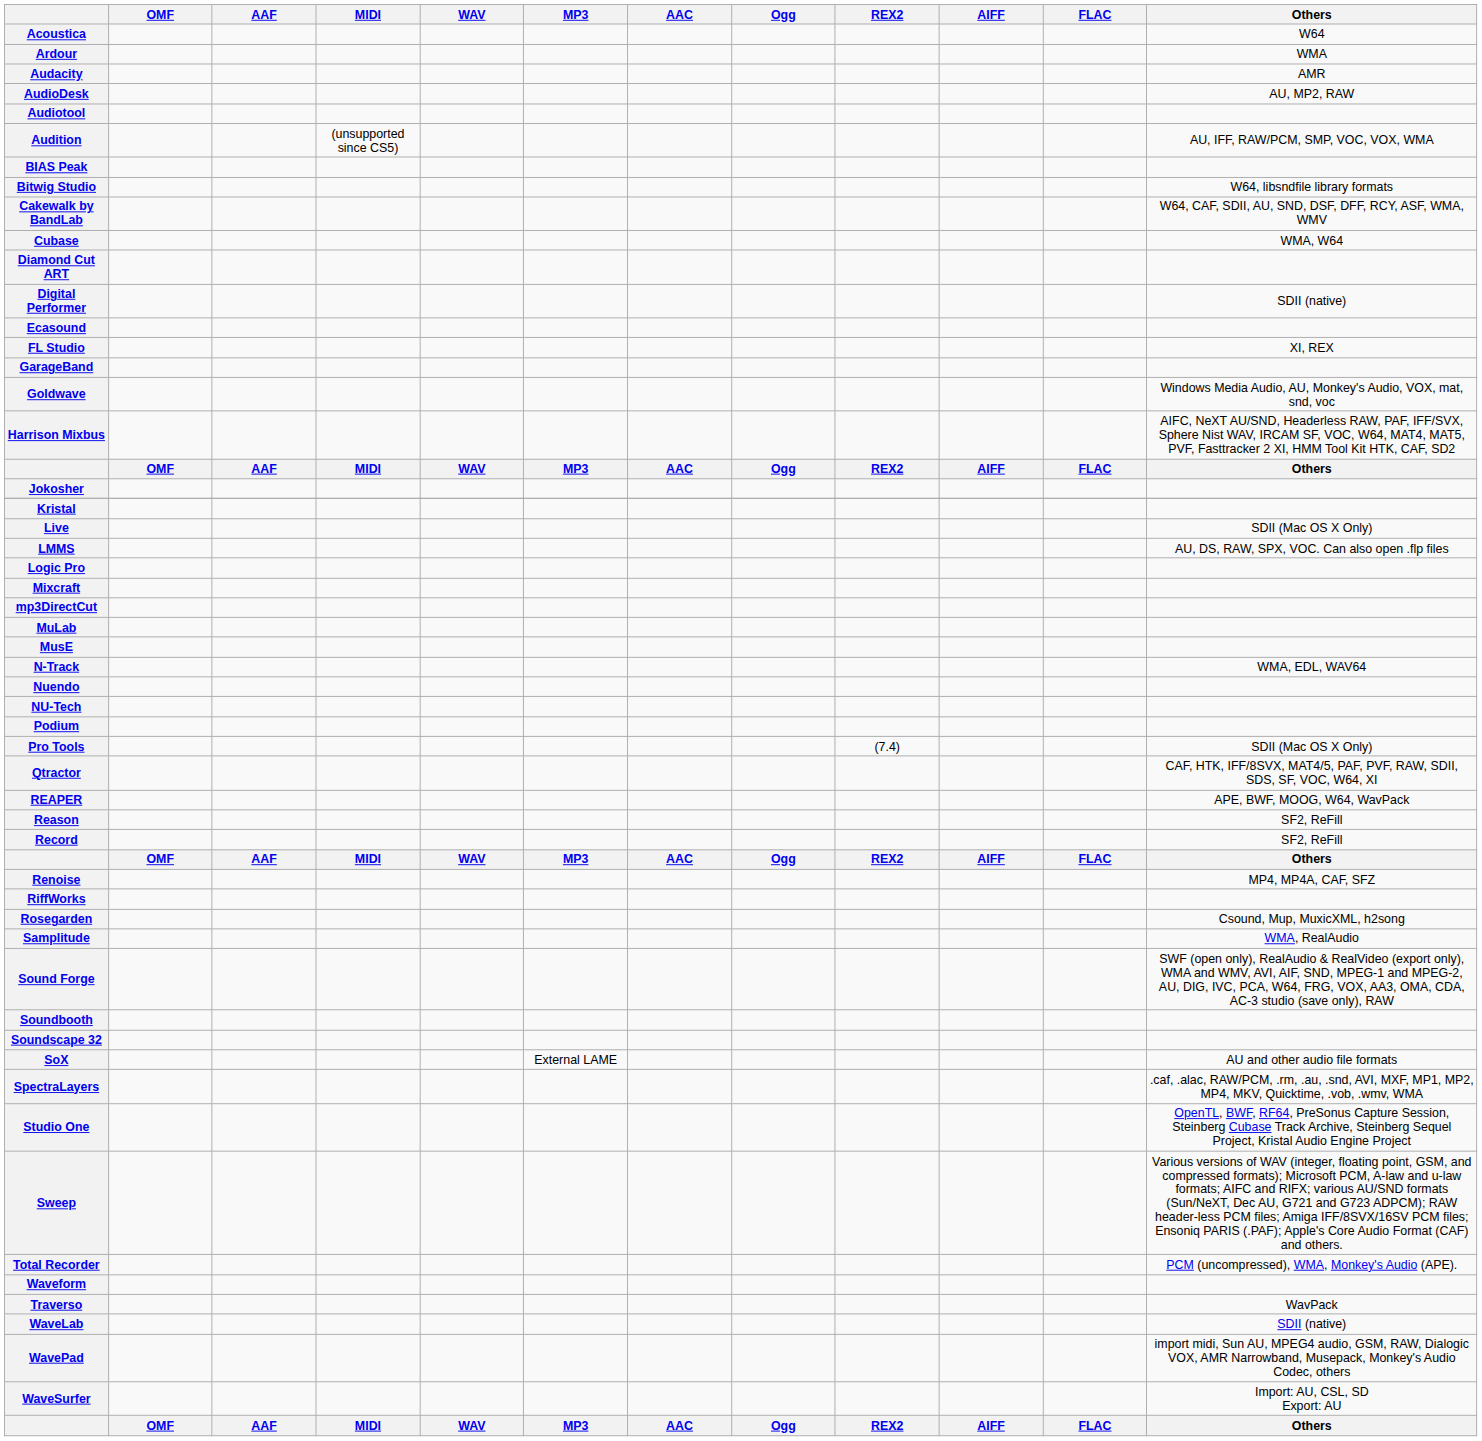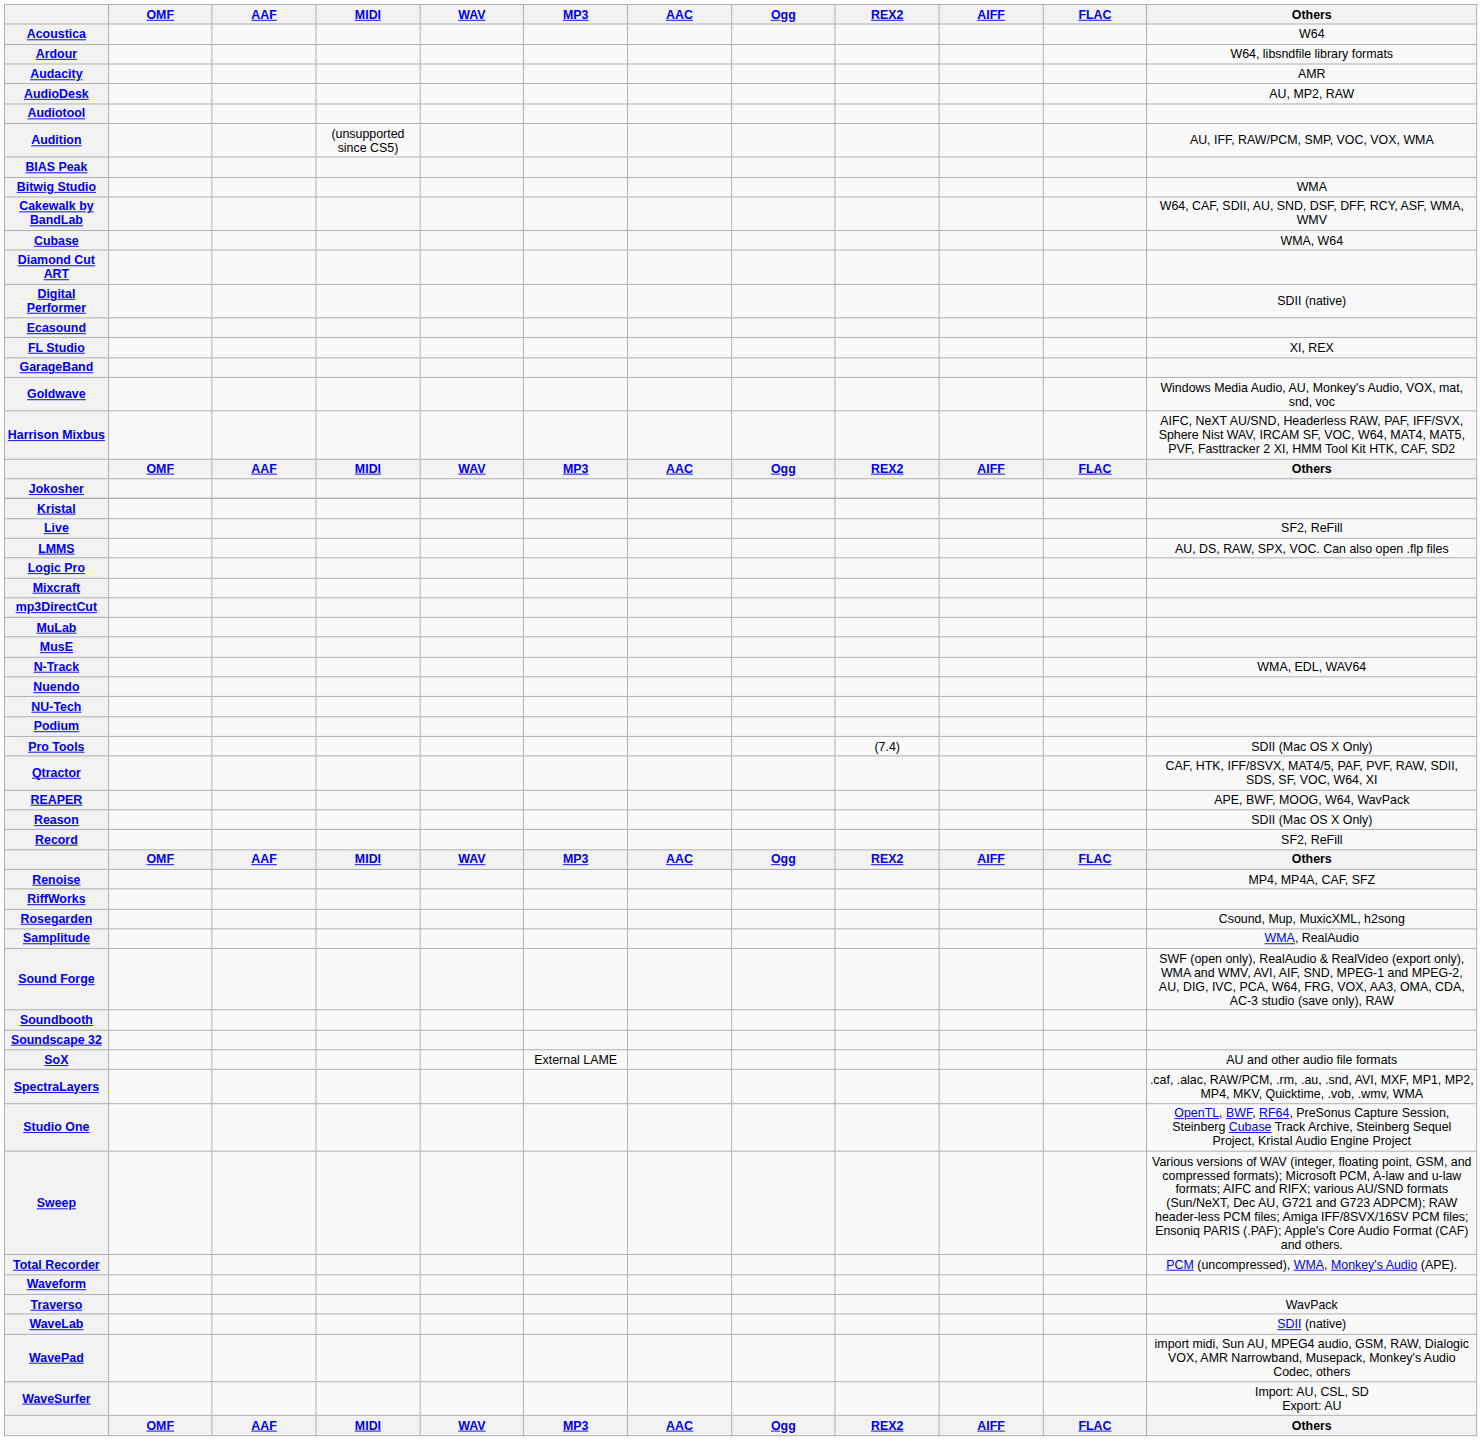 <table class="wikitable sortable" style="width: 100%; text-align: center; font-size: smaller; table-layout: fixed;">
 <tr>
 <th></th>
 <th><a href='#'>OMF</a></th>
 <th><a href='#'>AAF</a></th>
 <th><a href='#'>MIDI</a></th>
 <th><a href='#'>WAV</a></th>
 <th><a href='#'>MP3</a></th>
 <th><a href='#'>AAC</a></th>
 <th><a href='#'>Ogg</a></th>
 <th><a href='#'>REX2</a></th>
 <th><a href='#'>AIFF</a></th>
 <th><a href='#'>FLAC</a></th>
 <th width=22%>Others</th>
 </tr>
 <tr>
 <th><a href='#'>Acoustica</a></th>
 <td></td>
 <td></td>
 <td></td>
 <td></td>
 <td></td>
 <td></td>
 <td></td>
 <td></td>
 <td></td>
 <td></td>
 <td>W64</td>
 </tr>
 <tr>
 <th><a href='#'>Ardour</a></th>
 <td></td>
 <td></td>
 <td></td>
 <td></td>
 <td></td>
 <td></td>
 <td></td>
 <td></td>
 <td></td>
 <td></td>
-<td>WMA</td>
+<td>W64, libsndfile library formats</td>
 </tr>
 <tr>
 <th><a href='#'>Audacity</a></th>
 <td></td>
 <td></td>
 <td></td>
 <td></td>
 <td></td>
 <td></td>
 <td></td>
 <td></td>
 <td></td>
 <td></td>
 <td>AMR</td>
 </tr>
 <tr>
 <th><a href='#'>AudioDesk</a></th>
 <td></td>
 <td></td>
 <td></td>
 <td></td>
 <td></td>
 <td></td>
 <td></td>
 <td></td>
 <td></td>
 <td></td>
 <td>AU, MP2, RAW</td>
 </tr>
 <tr>
 <th><a href='#'>Audiotool</a></th>
 <td></td>
 <td></td>
 <td></td>
 <td></td>
 <td></td>
 <td></td>
 <td></td>
 <td></td>
 <td></td>
 <td></td>
 <td></td>
 </tr>
 <tr>
 <th><a href='#'>Audition</a></th>
 <td></td>
 <td></td>
 <td> (unsupported since CS5)</td>
 <td></td>
 <td></td>
 <td></td>
 <td></td>
 <td></td>
 <td></td>
 <td></td>
 <td>AU, IFF, RAW/PCM, SMP, VOC, VOX, WMA</td>
 </tr>
 <tr>
 <th><a href='#'>BIAS Peak</a></th>
 <td></td>
 <td></td>
 <td></td>
 <td></td>
 <td></td>
 <td></td>
 <td></td>
 <td></td>
 <td></td>
 <td></td>
 <td></td>
 </tr>
 <tr>
 <th><a href='#'>Bitwig Studio</a></th>
 <td></td>
 <td></td>
 <td></td>
 <td></td>
 <td></td>
 <td></td>
 <td></td>
 <td></td>
 <td></td>
 <td></td>
-<td>W64, libsndfile library formats</td>
+<td>WMA</td>
 </tr>
 <tr>
 <th><a href='#'>Cakewalk by BandLab</a></th>
 <td></td>
 <td></td>
 <td></td>
 <td></td>
 <td></td>
 <td></td>
 <td></td>
 <td></td>
 <td></td>
 <td></td>
 <td>W64, CAF, SDII, AU, SND, DSF, DFF, RCY, ASF, WMA, WMV</td>
 </tr>
 <tr>
 <th><a href='#'>Cubase</a></th>
 <td></td>
 <td></td>
 <td></td>
 <td></td>
 <td></td>
 <td></td>
 <td></td>
 <td></td>
 <td></td>
 <td></td>
 <td>WMA, W64</td>
 </tr>
 <tr>
 <th><a href='#'>Diamond Cut ART</a></th>
 <td></td>
 <td></td>
 <td></td>
 <td></td>
 <td></td>
 <td></td>
 <td></td>
 <td></td>
 <td></td>
 <td></td>
 <td></td>
 </tr>
 <tr>
 <th><a href='#'>Digital Performer</a></th>
 <td></td>
 <td></td>
 <td></td>
 <td></td>
 <td></td>
 <td></td>
 <td></td>
 <td></td>
 <td></td>
 <td></td>
 <td>SDII (native)</td>
 </tr>
 <tr>
 <th><a href='#'>Ecasound</a></th>
 <td></td>
 <td></td>
 <td></td>
 <td></td>
 <td></td>
 <td></td>
 <td></td>
 <td></td>
 <td></td>
 <td></td>
 <td></td>
 </tr>
 <tr>
 <th><a href='#'>FL Studio</a></th>
 <td></td>
 <td></td>
 <td></td>
 <td></td>
 <td></td>
 <td></td>
 <td></td>
 <td></td>
 <td></td>
 <td></td>
 <td>XI, REX</td>
 </tr>
 <tr>
 <th><a href='#'>GarageBand</a></th>
 <td></td>
 <td></td>
 <td></td>
 <td></td>
 <td></td>
 <td></td>
 <td></td>
 <td></td>
 <td></td>
 <td></td>
 <td></td>
 </tr>
 <tr>
 <th><a href='#'>Goldwave</a></th>
 <td></td>
 <td></td>
 <td></td>
 <td></td>
 <td></td>
 <td></td>
 <td></td>
 <td></td>
 <td></td>
 <td></td>
 <td>Windows Media Audio, AU, Monkey's Audio, VOX, mat, snd, voc</td>
 </tr>
 <tr>
 <th><a href='#'>Harrison Mixbus</a></th>
 <td></td>
 <td></td>
 <td></td>
 <td></td>
 <td></td>
 <td></td>
 <td></td>
 <td></td>
 <td></td>
 <td></td>
 <td>AIFC, NeXT AU/SND, Headerless RAW, PAF, IFF/SVX, Sphere Nist WAV, IRCAM SF, VOC, W64, MAT4, MAT5, PVF, Fasttracker 2 XI, HMM Tool Kit HTK, CAF, SD2</td>
 </tr>
 <tr>
 <th></th>
 <th><a href='#'>OMF</a></th>
 <th><a href='#'>AAF</a></th>
 <th><a href='#'>MIDI</a></th>
 <th><a href='#'>WAV</a></th>
 <th><a href='#'>MP3</a></th>
 <th><a href='#'>AAC</a></th>
 <th><a href='#'>Ogg</a></th>
 <th><a href='#'>REX2</a></th>
 <th><a href='#'>AIFF</a></th>
 <th><a href='#'>FLAC</a></th>
 <th width=22%>Others</th>
 </tr>
 <tr>
 <th><a href='#'>Jokosher</a></th>
 <td></td>
 <td></td>
 <td></td>
 <td></td>
 <td></td>
 <td></td>
 <td></td>
 <td></td>
 <td></td>
 <td></td>
 <td></td>
 </tr>
 <tr>
 </tr>
 <tr>
 <th><a href='#'>Kristal</a></th>
 <td></td>
 <td></td>
 <td></td>
 <td></td>
 <td></td>
 <td></td>
 <td></td>
 <td></td>
 <td></td>
 <td></td>
 <td></td>
 </tr>
 <tr>
 <th><a href='#'>Live</a></th>
 <td></td>
 <td></td>
 <td></td>
 <td></td>
 <td></td>
 <td></td>
 <td></td>
 <td></td>
 <td></td>
 <td></td>
-<td>SDII (Mac OS X Only)</td>
+<td>SF2, ReFill</td>
 </tr>
 <tr>
 <th><a href='#'>LMMS</a></th>
 <td></td>
 <td></td>
 <td></td>
 <td></td>
 <td></td>
 <td></td>
 <td></td>
 <td></td>
 <td></td>
 <td></td>
 <td>AU, DS, RAW, SPX, VOC. Can also open .flp files</td>
 </tr>
 <tr>
 <th><a href='#'>Logic Pro</a></th>
 <td></td>
 <td></td>
 <td></td>
 <td></td>
 <td></td>
 <td></td>
 <td></td>
 <td></td>
 <td></td>
 <td></td>
 <td></td>
 </tr>
 <tr>
 <th><a href='#'>Mixcraft</a></th>
 <td></td>
 <td></td>
 <td></td>
 <td></td>
 <td></td>
 <td></td>
 <td></td>
 <td></td>
 <td></td>
 <td></td>
 <td></td>
 </tr>
 <tr>
 <th><a href='#'>mp3DirectCut</a></th>
 <td></td>
 <td></td>
 <td></td>
 <td></td>
 <td></td>
 <td></td>
 <td></td>
 <td></td>
 <td></td>
 <td></td>
 <td></td>
 </tr>
 <tr>
 <th><a href='#'>MuLab</a></th>
 <td></td>
 <td></td>
 <td></td>
 <td></td>
 <td></td>
 <td></td>
 <td></td>
 <td></td>
 <td></td>
 <td></td>
 <td></td>
 </tr>
 <tr>
 <th><a href='#'>MusE</a></th>
 <td></td>
 <td></td>
 <td></td>
 <td></td>
 <td></td>
 <td></td>
 <td></td>
 <td></td>
 <td></td>
 <td></td>
 <td></td>
 </tr>
 <tr>
 <th><a href='#'>N-Track</a></th>
 <td></td>
 <td></td>
 <td></td>
 <td></td>
 <td></td>
 <td></td>
 <td></td>
 <td></td>
 <td></td>
 <td></td>
 <td>WMA, EDL, WAV64</td>
 </tr>
 <tr>
 <th><a href='#'>Nuendo</a></th>
 <td></td>
 <td></td>
 <td></td>
 <td></td>
 <td></td>
 <td></td>
 <td></td>
 <td></td>
 <td></td>
 <td></td>
 <td></td>
 </tr>
 <tr>
 <th><a href='#'>NU-Tech</a></th>
 <td></td>
 <td></td>
 <td></td>
 <td></td>
 <td></td>
 <td></td>
 <td></td>
 <td></td>
 <td></td>
 <td></td>
 <td></td>
 </tr>
 <tr>
 <th><a href='#'>Podium</a></th>
 <td></td>
 <td></td>
 <td></td>
 <td></td>
 <td></td>
 <td></td>
 <td></td>
 <td></td>
 <td></td>
 <td></td>
 <td></td>
 </tr>
 <tr>
 <th><a href='#'>Pro Tools</a></th>
 <td></td>
 <td></td>
 <td></td>
 <td></td>
 <td></td>
 <td></td>
 <td></td>
 <td> (7.4)</td>
 <td></td>
 <td></td>
 <td>SDII (Mac OS X Only)</td>
 </tr>
 <tr>
 <th><a href='#'>Qtractor</a></th>
 <td></td>
 <td></td>
 <td></td>
 <td></td>
 <td></td>
 <td></td>
 <td></td>
 <td></td>
 <td></td>
 <td></td>
 <td>CAF, HTK, IFF/8SVX, MAT4/5, PAF, PVF, RAW, SDII, SDS, SF, VOC, W64, XI</td>
 </tr>
 <tr>
 <th><a href='#'>REAPER</a></th>
 <td></td>
 <td></td>
 <td></td>
 <td></td>
 <td></td>
 <td></td>
 <td></td>
 <td></td>
 <td></td>
 <td></td>
 <td>APE, BWF, MOOG, W64, WavPack</td>
 </tr>
 <tr>
 <th><a href='#'>Reason</a></th>
 <td></td>
 <td></td>
 <td></td>
 <td></td>
 <td></td>
 <td></td>
 <td></td>
 <td></td>
 <td></td>
 <td></td>
-<td>SF2, ReFill</td>
+<td>SDII (Mac OS X Only)</td>
 </tr>
 <tr>
 <th><a href='#'>Record</a></th>
 <td></td>
 <td></td>
 <td></td>
 <td></td>
 <td></td>
 <td></td>
 <td></td>
 <td></td>
 <td></td>
 <td></td>
 <td>SF2, ReFill</td>
 </tr>
 <tr>
 <th></th>
 <th><a href='#'>OMF</a></th>
 <th><a href='#'>AAF</a></th>
 <th><a href='#'>MIDI</a></th>
 <th><a href='#'>WAV</a></th>
 <th><a href='#'>MP3</a></th>
 <th><a href='#'>AAC</a></th>
 <th><a href='#'>Ogg</a></th>
 <th><a href='#'>REX2</a></th>
 <th><a href='#'>AIFF</a></th>
 <th><a href='#'>FLAC</a></th>
 <th width=22%>Others</th>
 </tr>
 <tr>
 <th><a href='#'>Renoise</a></th>
 <td></td>
 <td></td>
 <td></td>
 <td></td>
 <td></td>
 <td></td>
 <td></td>
 <td></td>
 <td></td>
 <td></td>
 <td>MP4, MP4A, CAF, SFZ</td>
 </tr>
 <tr>
 <th><a href='#'>RiffWorks</a></th>
 <td></td>
 <td></td>
 <td></td>
 <td></td>
 <td></td>
 <td></td>
 <td></td>
 <td></td>
 <td></td>
 <td></td>
 <td></td>
 </tr>
 <tr>
 <th><a href='#'>Rosegarden</a></th>
 <td></td>
 <td></td>
 <td></td>
 <td></td>
 <td></td>
 <td></td>
 <td></td>
 <td></td>
 <td></td>
 <td></td>
 <td>Csound, Mup, MuxicXML, h2song</td>
 </tr>
 <tr>
 <th><a href='#'>Samplitude</a></th>
 <td></td>
 <td></td>
 <td></td>
 <td></td>
 <td></td>
 <td></td>
 <td></td>
 <td></td>
 <td></td>
 <td></td>
 <td><a href='#'>WMA</a>, RealAudio</td>
 </tr>
 <tr>
 <th><a href='#'>Sound Forge</a></th>
 <td></td>
 <td></td>
 <td></td>
 <td></td>
 <td></td>
 <td></td>
 <td></td>
 <td></td>
 <td></td>
 <td></td>
 <td>SWF (open only), RealAudio & RealVideo (export only), WMA and WMV, AVI, AIF, SND, MPEG-1 and MPEG-2, AU, DIG, IVC, PCA, W64, FRG, VOX, AA3, OMA, CDA, AC-3 studio (save only), RAW</td>
 </tr>
 <tr>
 <th><a href='#'>Soundbooth</a></th>
 <td></td>
 <td></td>
 <td></td>
 <td></td>
 <td></td>
 <td></td>
 <td></td>
 <td></td>
 <td></td>
 <td></td>
 <td></td>
 </tr>
 <tr>
 <th><a href='#'>Soundscape 32</a></th>
 <td></td>
 <td></td>
 <td></td>
 <td></td>
 <td></td>
 <td></td>
 <td></td>
 <td></td>
 <td></td>
 <td></td>
 <td></td>
 </tr>
 <tr>
 <th><a href='#'>SoX</a></th>
 <td></td>
 <td></td>
 <td></td>
 <td></td>
 <td>External LAME</td>
 <td></td>
 <td></td>
 <td></td>
 <td></td>
 <td></td>
 <td>AU and other audio file formats</td>
 </tr>
 <tr>
 <th><a href='#'>SpectraLayers</a></th>
 <td></td>
 <td></td>
 <td></td>
 <td></td>
 <td></td>
 <td></td>
 <td></td>
 <td></td>
 <td></td>
 <td></td>
 <td>.caf, .alac, RAW/PCM, .rm, .au, .snd, AVI, MXF, MP1, MP2, MP4, MKV, Quicktime, .vob, .wmv, WMA</td>
 </tr>
 <tr>
 <th><a href='#'>Studio One</a></th>
 <td></td>
 <td></td>
 <td></td>
 <td></td>
 <td></td>
 <td></td>
 <td></td>
 <td></td>
 <td></td>
 <td></td>
 <td><a href='#'>OpenTL</a>, <a href='#'>BWF</a>, <a href='#'>RF64</a>, PreSonus Capture Session, Steinberg <a href='#'>Cubase</a> Track Archive, Steinberg Sequel Project, Kristal Audio Engine Project</td>
 </tr>
 <tr>
 <th><a href='#'>Sweep</a></th>
 <td></td>
 <td></td>
 <td></td>
 <td></td>
 <td></td>
 <td></td>
 <td></td>
 <td></td>
 <td></td>
 <td></td>
 <td>Various versions of WAV (integer, floating point, GSM, and compressed formats); Microsoft PCM, A-law and u-law formats; AIFC and RIFX; various AU/SND formats (Sun/NeXT, Dec AU, G721 and G723 ADPCM); RAW header-less PCM files; Amiga IFF/8SVX/16SV PCM files; Ensoniq PARIS  (.PAF); Apple's Core Audio Format (CAF) and others.</td>
 </tr>
 <tr>
 <th><a href='#'>Total Recorder</a></th>
 <td></td>
 <td></td>
 <td></td>
 <td></td>
 <td></td>
 <td></td>
 <td></td>
 <td></td>
 <td></td>
 <td></td>
 <td><a href='#'>PCM</a> (uncompressed), <a href='#'>WMA</a>, <a href='#'>Monkey's Audio</a> (APE).</td>
 </tr>
 <tr>
 <th><a href='#'>Waveform</a></th>
 <td></td>
 <td></td>
 <td></td>
 <td></td>
 <td></td>
 <td></td>
 <td></td>
 <td></td>
 <td></td>
 <td></td>
 <td></td>
 </tr>
 <tr>
 <th><a href='#'>Traverso</a></th>
 <td></td>
 <td></td>
 <td></td>
 <td></td>
 <td></td>
 <td></td>
 <td></td>
 <td></td>
 <td></td>
 <td></td>
 <td>WavPack</td>
 </tr>
 <tr>
 <th><a href='#'>WaveLab</a></th>
 <td></td>
 <td></td>
 <td></td>
 <td></td>
 <td></td>
 <td></td>
 <td></td>
 <td></td>
 <td></td>
 <td></td>
 <td><a href='#'>SDII</a> (native)</td>
 </tr>
 <tr>
 <th><a href='#'>WavePad</a></th>
 <td></td>
 <td></td>
 <td></td>
 <td></td>
 <td></td>
 <td></td>
 <td></td>
 <td></td>
 <td></td>
 <td></td>
 <td>import midi, Sun AU, MPEG4 audio, GSM, RAW, Dialogic VOX, AMR Narrowband, Musepack, Monkey's Audio Codec, others</td>
 </tr>
 <tr>
 <th><a href='#'>WaveSurfer</a></th>
 <td></td>
 <td></td>
 <td></td>
 <td></td>
 <td></td>
 <td></td>
 <td></td>
 <td></td>
 <td></td>
 <td></td>
 <td>Import: AU, CSL, SD <br> Export: AU</td>
 </tr>
 <tr>
 <th></th>
 <th><a href='#'>OMF</a></th>
 <th><a href='#'>AAF</a></th>
 <th><a href='#'>MIDI</a></th>
 <th><a href='#'>WAV</a></th>
 <th><a href='#'>MP3</a></th>
 <th><a href='#'>AAC</a></th>
 <th><a href='#'>Ogg</a></th>
 <th><a href='#'>REX2</a></th>
 <th><a href='#'>AIFF</a></th>
 <th><a href='#'>FLAC</a></th>
 <th>Others</th>
 </tr>
 </table>
